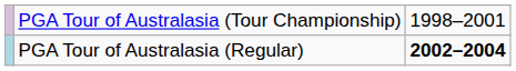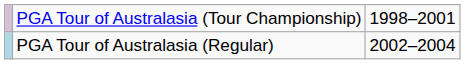 <table class="wikitable" style="font-size:95%">
 <tr>
 <td style="background:thistle"></td>
 <td><a href='#'>PGA Tour of Australasia</a> (Tour Championship)</td>
 <td>1998–2001</td>
 </tr>
 <tr>
 <td style="background:lightblue"></td>
 <td>PGA Tour of Australasia (Regular)</td>
-<td><strong>2002–2004</strong></td>
+<td>2002–2004</td>
 </tr>
 </table>
